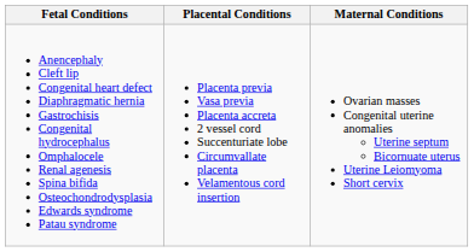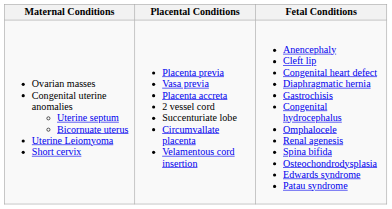 <table class="wikitable">
 <tr>
+<th>Maternal Conditions</th>
+<th>Placental Conditions</th>
 <th>Fetal Conditions</th>
-<th>Placental Conditions</th>
-<th>Maternal Conditions</th>
 </tr>
 <tr>
+<td><br><ul><li>Ovarian masses</li><li>Congenital uterine anomalies<ul><li><a href='#'>Uterine septum</a></li><li><a href='#'>Bicornuate uterus</a></li></ul></li><li><a href='#'>Uterine Leiomyoma</a></li><li><a href='#'>Short cervix</a></li></ul></td>
+<td><br><ul><li><a href='#'>Placenta previa</a></li><li><a href='#'>Vasa previa</a></li><li><a href='#'>Placenta accreta</a></li><li>2 vessel cord</li><li>Succenturiate lobe</li><li><a href='#'>Circumvallate placenta</a></li><li><a href='#'>Velamentous cord insertion</a></li></ul></td>
 <td><br><ul><li><a href='#'>Anencephaly</a></li><li><a href='#'>Cleft lip</a></li><li><a href='#'>Congenital heart defect</a></li><li><a href='#'>Diaphragmatic hernia</a></li><li><a href='#'>Gastrochisis</a></li><li><a href='#'>Congenital hydrocephalus</a></li><li><a href='#'>Omphalocele</a></li><li><a href='#'>Renal agenesis</a></li><li><a href='#'>Spina bifida</a></li><li><a href='#'>Osteochondrodysplasia</a></li><li><a href='#'>Edwards syndrome</a></li><li><a href='#'>Patau syndrome</a></li></ul></td>
-<td><br><ul><li><a href='#'>Placenta previa</a></li><li><a href='#'>Vasa previa</a></li><li><a href='#'>Placenta accreta</a></li><li>2 vessel cord</li><li>Succenturiate lobe</li><li><a href='#'>Circumvallate placenta</a></li><li><a href='#'>Velamentous cord insertion</a></li></ul></td>
-<td><br><ul><li>Ovarian masses</li><li>Congenital uterine anomalies<ul><li><a href='#'>Uterine septum</a></li><li><a href='#'>Bicornuate uterus</a></li></ul></li><li><a href='#'>Uterine Leiomyoma</a></li><li><a href='#'>Short cervix</a></li></ul></td>
 </tr>
 </table>
